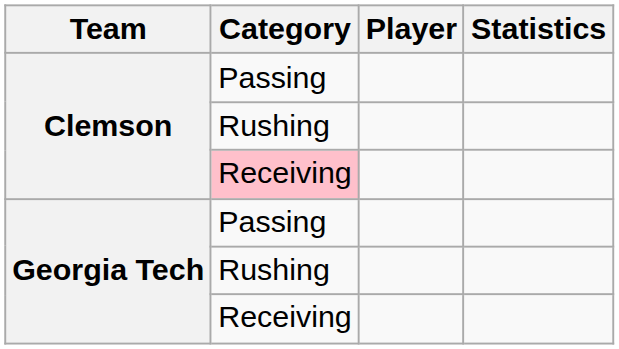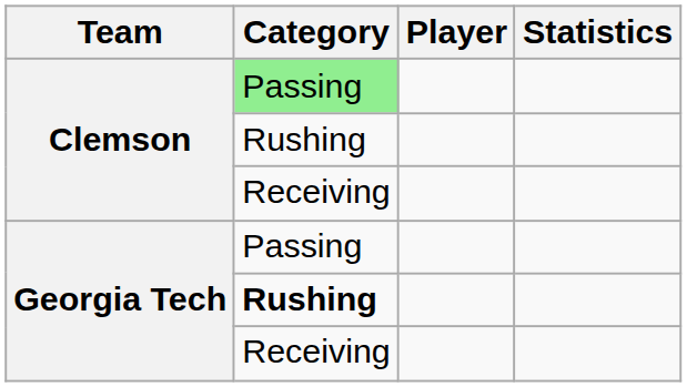 <table class="wikitable" style="float:right">
 <tr>
 <th>Team</th>
 <th>Category</th>
 <th>Player</th>
 <th>Statistics</th>
 </tr>
 <tr>
 <th rowspan=3>Clemson</th>
-<td>Passing</td>
-<td></td>
-<td></td>
-</tr>
-<tr>
-<td>Rushing</td>
-<td></td>
-<td></td>
-</tr>
-<tr>
-<td style="background: pink;">Receiving</td>
-<td></td>
-<td></td>
-</tr>
-<tr>
-<th rowspan=3>Georgia Tech</th>
-<td>Passing</td>
+<td style="background: lightgreen;">Passing</td>
 <td></td>
 <td></td>
 </tr>
 <tr>
 <td>Rushing</td>
 <td></td>
 <td></td>
 </tr>
 <tr>
 <td>Receiving</td>
 <td></td>
 <td></td>
 </tr>
+<tr>
+<th rowspan=3>Georgia Tech</th>
+<td>Passing</td>
+<td></td>
+<td></td>
+</tr>
+<tr>
+<td><strong>Rushing</strong></td>
+<td></td>
+<td></td>
+</tr>
+<tr>
+<td>Receiving</td>
+<td></td>
+<td></td>
+</tr>
 </table>
